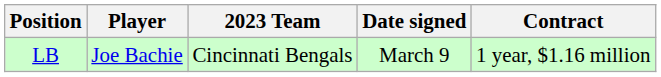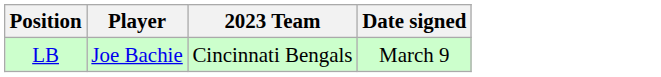 <table class="wikitable" style="text-align:center">
 <tr>
 <th>Position</th>
 <th>Player</th>
 <th>2023 Team</th>
 <th>Date signed</th>
-<th>Contract</th>
 </tr>
 <tr style="background:#cfc;">
 <td><a href='#'>LB</a></td>
 <td><a href='#'>Joe Bachie</a></td>
 <td>Cincinnati Bengals</td>
 <td>March 9</td>
-<td>1 year, $1.16 million</td>
 </tr>
 </table>
